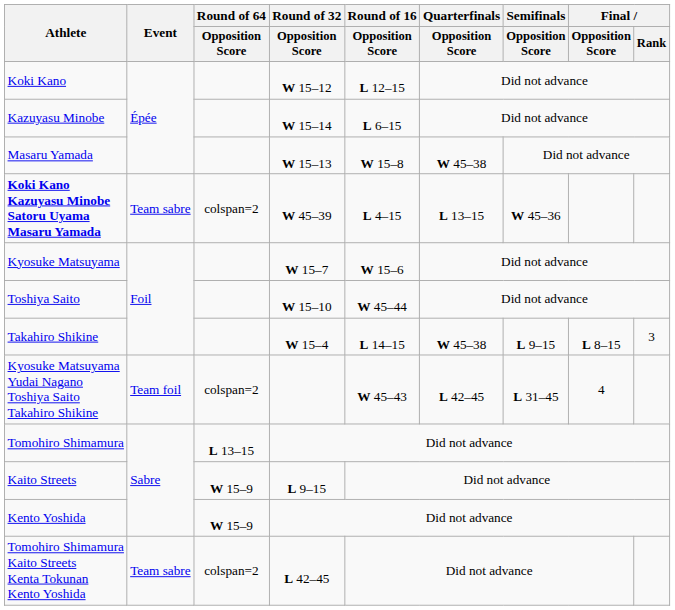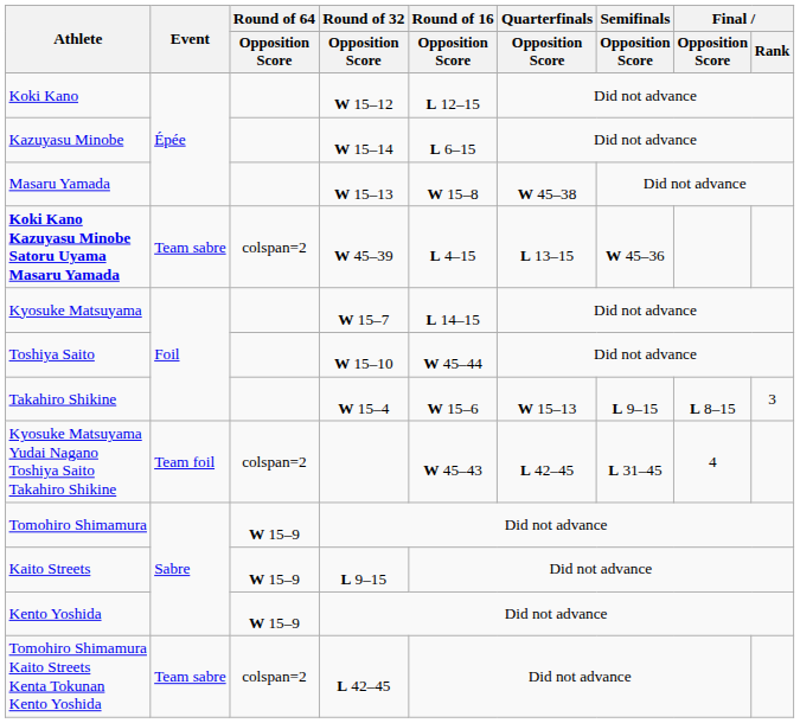 <table class="wikitable" style="font-size:90%">
 <tr>
 <th rowspan="2">Athlete</th>
 <th rowspan="2">Event</th>
 <th>Round of 64</th>
 <th>Round of 32</th>
 <th>Round of 16</th>
 <th>Quarterfinals</th>
 <th>Semifinals</th>
 <th colspan=2>Final / </th>
 </tr>
 <tr style="font-size:95%">
 <th>Opposition <br> Score</th>
 <th>Opposition <br> Score</th>
 <th>Opposition <br> Score</th>
 <th>Opposition <br> Score</th>
 <th>Opposition <br> Score</th>
 <th>Opposition <br> Score</th>
 <th>Rank</th>
 </tr>
 <tr align=center>
 <td align=left><a href='#'>Koki Kano</a></td>
 <td align=left rowspan=3><a href='#'>Épée</a></td>
 <td></td>
 <td><br><strong>W</strong> 15–12</td>
 <td><br><strong>L</strong> 12–15</td>
 <td colspan=4>Did not advance</td>
 </tr>
 <tr align=center>
 <td align=left><a href='#'>Kazuyasu Minobe</a></td>
 <td></td>
 <td><br><strong>W</strong> 15–14</td>
 <td><br><strong>L</strong> 6–15</td>
 <td colspan=4>Did not advance</td>
 </tr>
 <tr align=center>
 <td align=left><a href='#'>Masaru Yamada</a></td>
 <td></td>
 <td><br><strong>W</strong> 15–13</td>
 <td><br><strong>W</strong> 15–8</td>
 <td><br><strong>W</strong> 45–38</td>
 <td colspan=3>Did not advance</td>
 </tr>
 <tr align=center>
 <td align=left><strong><a href='#'>Koki Kano</a><br><a href='#'>Kazuyasu Minobe</a><br><a href='#'>Satoru Uyama</a><br><a href='#'>Masaru Yamada</a></strong></td>
 <td align=left><a href='#'>Team sabre</a></td>
 <td>colspan=2 </td>
 <td><br><strong>W</strong> 45–39</td>
 <td><br><strong>L</strong> 4–15</td>
 <td><br><strong>L</strong> 13–15</td>
 <td><br><strong>W</strong> 45–36</td>
 <td></td>
 </tr>
 <tr align=center>
 <td align=left><a href='#'>Kyosuke Matsuyama</a></td>
 <td align=left rowspan=3><a href='#'>Foil</a></td>
 <td></td>
 <td><br><strong>W</strong> 15–7</td>
-<td><br><strong>W</strong> 15–6</td>
+<td><br><strong>L</strong> 14–15</td>
 <td colspan=4>Did not advance</td>
 </tr>
 <tr align=center>
 <td align=left><a href='#'>Toshiya Saito</a></td>
 <td></td>
 <td><br><strong>W</strong> 15–10</td>
 <td><br><strong>W</strong> 45–44</td>
 <td colspan=4>Did not advance</td>
 </tr>
 <tr align=center>
 <td align=left><a href='#'>Takahiro Shikine</a></td>
 <td></td>
 <td><br><strong>W</strong> 15–4</td>
-<td><br><strong>L</strong> 14–15</td>
-<td><br><strong>W</strong> 45–38</td>
+<td><br><strong>W</strong> 15–6</td>
+<td><br><strong>W</strong> 15–13</td>
 <td><br><strong>L</strong> 9–15</td>
 <td><br><strong>L</strong> 8–15</td>
 <td>3</td>
 </tr>
 <tr align=center>
 <td align=left><a href='#'>Kyosuke Matsuyama</a><br><a href='#'>Yudai Nagano</a><br><a href='#'>Toshiya Saito</a><br><a href='#'>Takahiro Shikine</a></td>
 <td align=left><a href='#'>Team foil</a></td>
 <td>colspan=2 </td>
 <td></td>
 <td><br><strong>W</strong> 45–43</td>
 <td><br><strong>L</strong> 42–45</td>
 <td><br><strong>L</strong> 31–45</td>
 <td>4</td>
 </tr>
 <tr align=center>
 <td align=left><a href='#'>Tomohiro Shimamura</a></td>
 <td align=left rowspan=3><a href='#'>Sabre</a></td>
-<td><br><strong>L</strong> 13–15</td>
+<td><br><strong>W</strong> 15–9</td>
 <td colspan=6>Did not advance</td>
 </tr>
 <tr align=center>
 <td align=left><a href='#'>Kaito Streets</a></td>
 <td><br><strong>W</strong> 15–9</td>
 <td><br><strong>L</strong> 9–15</td>
 <td colspan=5>Did not advance</td>
 </tr>
 <tr align=center>
 <td align=left><a href='#'>Kento Yoshida</a></td>
 <td><br><strong>W</strong> 15–9</td>
 <td colspan=6>Did not advance</td>
 </tr>
 <tr align=center>
 <td align=left><a href='#'>Tomohiro Shimamura</a><br><a href='#'>Kaito Streets</a><br><a href='#'>Kenta Tokunan</a><br><a href='#'>Kento Yoshida</a></td>
 <td align=left><a href='#'>Team sabre</a></td>
 <td>colspan=2 </td>
 <td><br><strong>L</strong> 42–45</td>
 <td colspan=4>Did not advance</td>
 </tr>
 </table>
